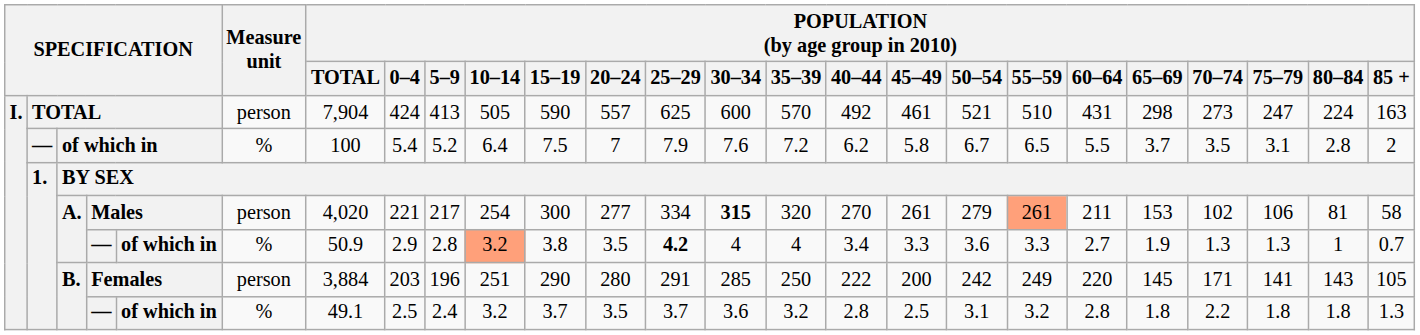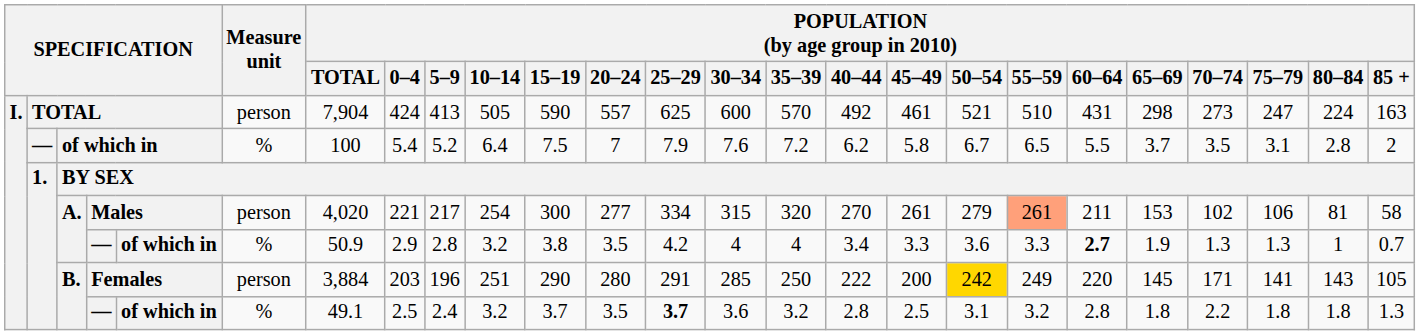 <table class="wikitable" style="font-size:85%; text-align:center">
 <tr>
 <th rowspan="2" colspan="5">SPECIFICATION</th>
 <th rowspan="2">Measure<br> unit</th>
 <th colspan="20" rowspan="1">POPULATION<br> (by age group in 2010)</th>
 </tr>
 <tr>
 <th>TOTAL</th>
 <th>0–4</th>
 <th>5–9</th>
 <th>10–14</th>
 <th>15–19</th>
 <th>20–24</th>
 <th>25–29</th>
 <th>30–34</th>
 <th>35–39</th>
 <th>40–44</th>
 <th>45–49</th>
 <th>50–54</th>
 <th>55–59</th>
 <th>60–64</th>
 <th>65–69</th>
 <th>70–74</th>
 <th>75–79</th>
 <th>80–84</th>
 <th>85 +</th>
 </tr>
 <tr>
 <th style="text-align:left" valign="top" rowspan="7">I.</th>
 <th style="text-align:left" colspan="4">TOTAL</th>
 <td>person</td>
 <td>7,904</td>
 <td>424</td>
 <td>413</td>
 <td>505</td>
 <td>590</td>
 <td>557</td>
 <td>625</td>
 <td>600</td>
 <td>570</td>
 <td>492</td>
 <td>461</td>
 <td>521</td>
 <td>510</td>
 <td>431</td>
 <td>298</td>
 <td>273</td>
 <td>247</td>
 <td>224</td>
 <td>163</td>
 </tr>
 <tr>
 <th style="text-align:left" valign="top">—</th>
 <th style="text-align:left" colspan="3">of which in</th>
 <td>%</td>
 <td>100</td>
 <td>5.4</td>
 <td>5.2</td>
 <td>6.4</td>
 <td>7.5</td>
 <td>7</td>
 <td>7.9</td>
 <td>7.6</td>
 <td>7.2</td>
 <td>6.2</td>
 <td>5.8</td>
 <td>6.7</td>
 <td>6.5</td>
 <td>5.5</td>
 <td>3.7</td>
 <td>3.5</td>
 <td>3.1</td>
 <td>2.8</td>
 <td>2</td>
 </tr>
 <tr>
 <th style="text-align:left" valign="top" rowspan="5">1.</th>
 <th style="text-align:left" colspan="23">BY SEX</th>
 </tr>
 <tr>
 <th style="text-align:left" valign="top" rowspan="2">A.</th>
 <th style="text-align:left" colspan="2">Males</th>
 <td>person</td>
 <td>4,020</td>
 <td>221</td>
 <td>217</td>
 <td>254</td>
 <td>300</td>
 <td>277</td>
 <td>334</td>
-<td><strong>315</strong></td>
+<td>315</td>
 <td>320</td>
 <td>270</td>
 <td>261</td>
 <td>279</td>
 <td style="background: lightsalmon;">261</td>
 <td>211</td>
 <td>153</td>
 <td>102</td>
 <td>106</td>
 <td>81</td>
 <td>58</td>
 </tr>
 <tr>
 <th style="text-align:left" valign="top">—</th>
 <th style="text-align:left" colspan="1">of which in</th>
 <td>%</td>
 <td>50.9</td>
 <td>2.9</td>
 <td>2.8</td>
-<td style="background: lightsalmon;">3.2</td>
+<td>3.2</td>
 <td>3.8</td>
 <td>3.5</td>
-<td><strong>4.2</strong></td>
+<td>4.2</td>
 <td>4</td>
 <td>4</td>
 <td>3.4</td>
 <td>3.3</td>
 <td>3.6</td>
 <td>3.3</td>
-<td>2.7</td>
+<td><strong>2.7</strong></td>
 <td>1.9</td>
 <td>1.3</td>
 <td>1.3</td>
 <td>1</td>
 <td>0.7</td>
 </tr>
 <tr>
 <th style="text-align:left" valign="top" rowspan="2">B.</th>
 <th style="text-align:left" colspan="2">Females</th>
 <td>person</td>
 <td>3,884</td>
 <td>203</td>
 <td>196</td>
 <td>251</td>
 <td>290</td>
 <td>280</td>
 <td>291</td>
 <td>285</td>
 <td>250</td>
 <td>222</td>
 <td>200</td>
-<td>242</td>
+<td style="background: gold;">242</td>
 <td>249</td>
 <td>220</td>
 <td>145</td>
 <td>171</td>
 <td>141</td>
 <td>143</td>
 <td>105</td>
 </tr>
 <tr>
 <th style="text-align:left" valign="top">—</th>
 <th style="text-align:left" colspan="1">of which in</th>
 <td>%</td>
 <td>49.1</td>
 <td>2.5</td>
 <td>2.4</td>
 <td>3.2</td>
 <td>3.7</td>
 <td>3.5</td>
-<td>3.7</td>
+<td><strong>3.7</strong></td>
 <td>3.6</td>
 <td>3.2</td>
 <td>2.8</td>
 <td>2.5</td>
 <td>3.1</td>
 <td>3.2</td>
 <td>2.8</td>
 <td>1.8</td>
 <td>2.2</td>
 <td>1.8</td>
 <td>1.8</td>
 <td>1.3</td>
 </tr>
 </table>
